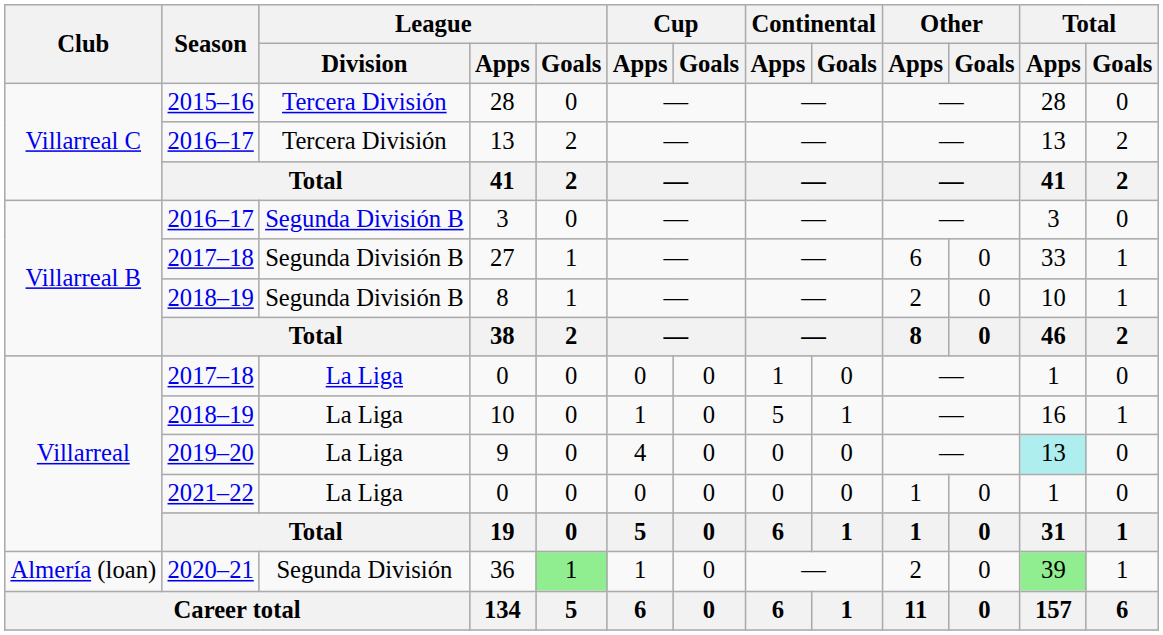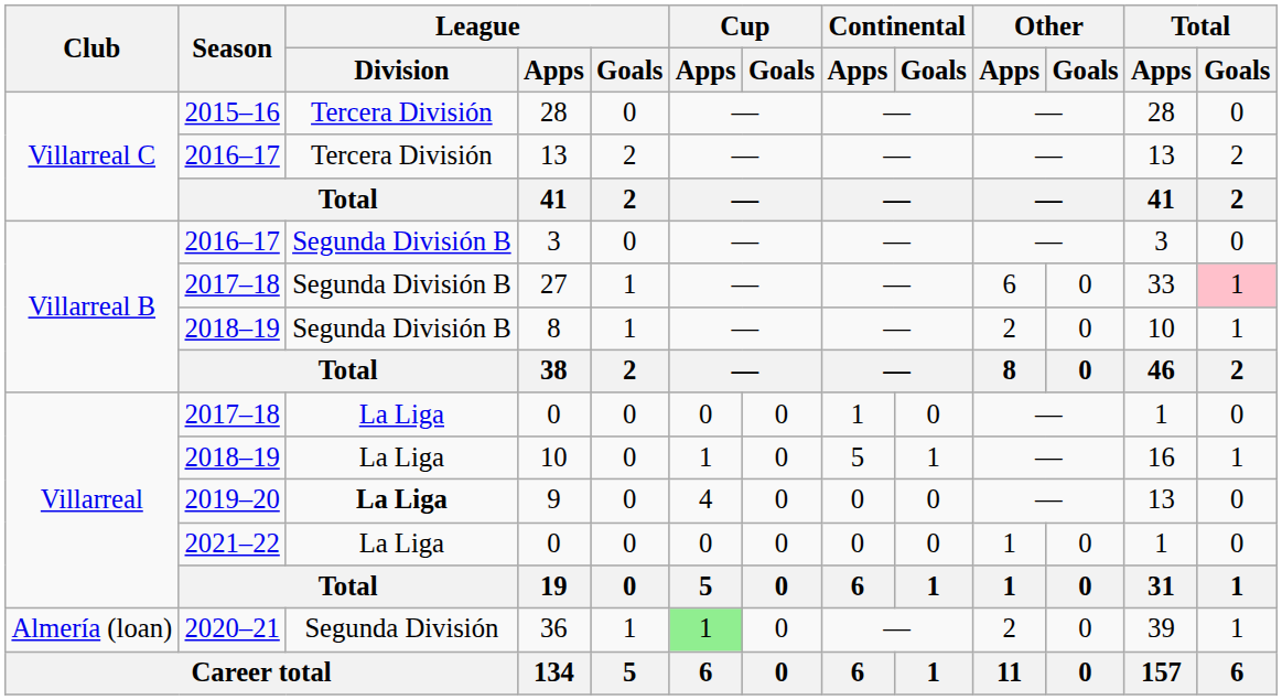 <table class="wikitable" style="text-align:center">
 <tr>
 <th rowspan="2">Club</th>
 <th rowspan="2">Season</th>
 <th colspan="3">League</th>
 <th colspan="2">Cup</th>
 <th colspan="2">Continental</th>
 <th colspan="2">Other</th>
 <th colspan="2">Total</th>
 </tr>
 <tr>
 <th>Division</th>
 <th>Apps</th>
 <th>Goals</th>
 <th>Apps</th>
 <th>Goals</th>
 <th>Apps</th>
 <th>Goals</th>
 <th>Apps</th>
 <th>Goals</th>
 <th>Apps</th>
 <th>Goals</th>
 </tr>
 <tr>
 <td rowspan="3"><a href='#'>Villarreal C</a></td>
 <td><a href='#'>2015–16</a></td>
 <td><a href='#'>Tercera División</a></td>
 <td>28</td>
 <td>0</td>
 <td colspan="2">—</td>
 <td colspan="2">—</td>
 <td colspan="2">—</td>
 <td>28</td>
 <td>0</td>
 </tr>
 <tr>
 <td><a href='#'>2016–17</a></td>
 <td>Tercera División</td>
 <td>13</td>
 <td>2</td>
 <td colspan="2">—</td>
 <td colspan="2">—</td>
 <td colspan="2">—</td>
 <td>13</td>
 <td>2</td>
 </tr>
 <tr>
 <th colspan="2">Total</th>
 <th>41</th>
 <th>2</th>
 <th colspan="2">—</th>
 <th colspan="2">—</th>
 <th colspan="2">—</th>
 <th>41</th>
 <th>2</th>
 </tr>
 <tr>
 <td rowspan="4"><a href='#'>Villarreal B</a></td>
 <td><a href='#'>2016–17</a></td>
 <td><a href='#'>Segunda División B</a></td>
 <td>3</td>
 <td>0</td>
 <td colspan="2">—</td>
 <td colspan="2">—</td>
 <td colspan="2">—</td>
 <td>3</td>
 <td>0</td>
 </tr>
 <tr>
 <td><a href='#'>2017–18</a></td>
 <td>Segunda División B</td>
 <td>27</td>
 <td>1</td>
 <td colspan="2">—</td>
 <td colspan="2">—</td>
 <td>6</td>
 <td>0</td>
 <td>33</td>
-<td>1</td>
+<td style="background: pink;">1</td>
 </tr>
 <tr>
 <td><a href='#'>2018–19</a></td>
 <td>Segunda División B</td>
 <td>8</td>
 <td>1</td>
 <td colspan="2">—</td>
 <td colspan="2">—</td>
 <td>2</td>
 <td>0</td>
 <td>10</td>
 <td>1</td>
 </tr>
 <tr>
 <th colspan="2">Total</th>
 <th>38</th>
 <th>2</th>
 <th colspan="2">—</th>
 <th colspan="2">—</th>
 <th>8</th>
 <th>0</th>
 <th>46</th>
 <th>2</th>
 </tr>
 <tr>
 <td rowspan="5"><a href='#'>Villarreal</a></td>
 <td><a href='#'>2017–18</a></td>
 <td><a href='#'>La Liga</a></td>
 <td>0</td>
 <td>0</td>
 <td>0</td>
 <td>0</td>
 <td>1</td>
 <td>0</td>
 <td colspan="2">—</td>
 <td>1</td>
 <td>0</td>
 </tr>
 <tr>
 <td><a href='#'>2018–19</a></td>
 <td>La Liga</td>
 <td>10</td>
 <td>0</td>
 <td>1</td>
 <td>0</td>
 <td>5</td>
 <td>1</td>
 <td colspan="2">—</td>
 <td>16</td>
 <td>1</td>
 </tr>
 <tr>
 <td><a href='#'>2019–20</a></td>
-<td>La Liga</td>
+<td><strong>La Liga</strong></td>
 <td>9</td>
 <td>0</td>
 <td>4</td>
 <td>0</td>
 <td>0</td>
 <td>0</td>
 <td colspan="2">—</td>
-<td style="background: paleturquoise;">13</td>
+<td>13</td>
 <td>0</td>
 </tr>
 <tr>
 <td><a href='#'>2021–22</a></td>
 <td>La Liga</td>
 <td>0</td>
 <td>0</td>
 <td>0</td>
 <td>0</td>
 <td>0</td>
 <td>0</td>
 <td>1</td>
 <td>0</td>
 <td>1</td>
 <td>0</td>
 </tr>
 <tr>
 <th colspan="2">Total</th>
 <th>19</th>
 <th>0</th>
 <th>5</th>
 <th>0</th>
 <th>6</th>
 <th>1</th>
 <th>1</th>
 <th>0</th>
 <th>31</th>
 <th>1</th>
 </tr>
 <tr>
 <td><a href='#'>Almería</a> (loan)</td>
 <td><a href='#'>2020–21</a></td>
 <td>Segunda División</td>
 <td>36</td>
+<td>1</td>
 <td style="background: lightgreen;">1</td>
-<td>1</td>
 <td>0</td>
 <td colspan="2">—</td>
 <td>2</td>
 <td>0</td>
-<td style="background: lightgreen;">39</td>
+<td>39</td>
 <td>1</td>
 </tr>
 <tr>
 <th colspan="3">Career total</th>
 <th>134</th>
 <th>5</th>
 <th>6</th>
 <th>0</th>
 <th>6</th>
 <th>1</th>
 <th>11</th>
 <th>0</th>
 <th>157</th>
 <th>6</th>
 </tr>
 </table>
